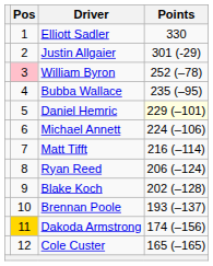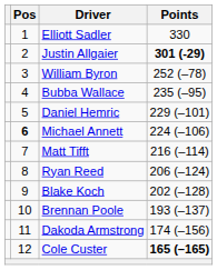 <table class="wikitable" style="font-size: 95%;">
 <tr>
 <th></th>
 <th>Pos</th>
 <th>Driver</th>
 <th>Points</th>
 </tr>
 <tr>
 <td align="left"></td>
 <td style="text-align:center;">1</td>
 <td><a href='#'>Elliott Sadler</a></td>
 <td style="text-align:center;">330</td>
 </tr>
 <tr>
 <td align="left"></td>
 <td style="text-align:center;">2</td>
 <td><a href='#'>Justin Allgaier</a></td>
-<td style="text-align:center;">301 (-29)</td>
+<td style="text-align:center;"><strong>301 (-29)</strong></td>
 </tr>
 <tr>
 <td align="left"></td>
-<td style="background: pink; text-align:center;">3</td>
+<td style="text-align:center;">3</td>
 <td><a href='#'>William Byron</a></td>
 <td style="text-align:center;">252 (–78)</td>
 </tr>
 <tr>
 <td align="left"></td>
 <td style="text-align:center;">4</td>
 <td><a href='#'>Bubba Wallace</a></td>
 <td style="text-align:center;">235 (–95)</td>
 </tr>
 <tr>
 <td align="left"></td>
 <td style="text-align:center;">5</td>
 <td><a href='#'>Daniel Hemric</a></td>
-<td style="background: lightyellow; text-align:center;">229 (–101)</td>
+<td style="text-align:center;">229 (–101)</td>
 </tr>
 <tr>
 <td align="left"></td>
-<td style="text-align:center;">6</td>
+<td style="text-align:center;"><strong>6</strong></td>
 <td><a href='#'>Michael Annett</a></td>
 <td style="text-align:center;">224 (–106)</td>
 </tr>
 <tr>
 <td align="left"></td>
 <td style="text-align:center;">7</td>
 <td><a href='#'>Matt Tifft</a></td>
 <td style="text-align:center;">216 (–114)</td>
 </tr>
 <tr>
 <td align="left"></td>
 <td style="text-align:center;">8</td>
 <td><a href='#'>Ryan Reed</a></td>
 <td style="text-align:center;">206 (–124)</td>
 </tr>
 <tr>
 <td align="left"></td>
 <td style="text-align:center;">9</td>
 <td><a href='#'>Blake Koch</a></td>
 <td style="text-align:center;">202 (–128)</td>
 </tr>
 <tr>
 <td align="left"></td>
 <td style="text-align:center;">10</td>
 <td><a href='#'>Brennan Poole</a></td>
 <td style="text-align:center;">193 (–137)</td>
 </tr>
 <tr>
 <td align="left"></td>
-<td style="background: gold; text-align:center;">11</td>
+<td style="text-align:center;">11</td>
 <td><a href='#'>Dakoda Armstrong</a></td>
 <td style="text-align:center;">174 (–156)</td>
 </tr>
 <tr>
 <td align="left"></td>
 <td style="text-align:center;">12</td>
 <td><a href='#'>Cole Custer</a></td>
-<td style="text-align:center;">165 (–165)</td>
+<td style="text-align:center;"><strong>165 (–165)</strong></td>
 </tr>
 <tr class="sortbottom">
 <th colspan="9"></th>
 </tr>
 </table>
